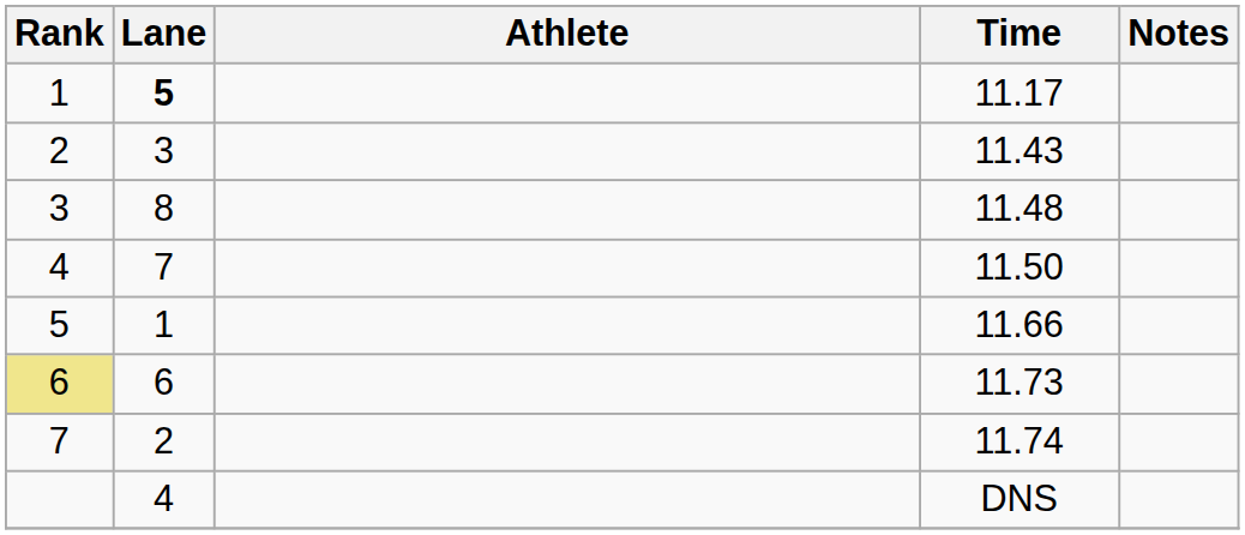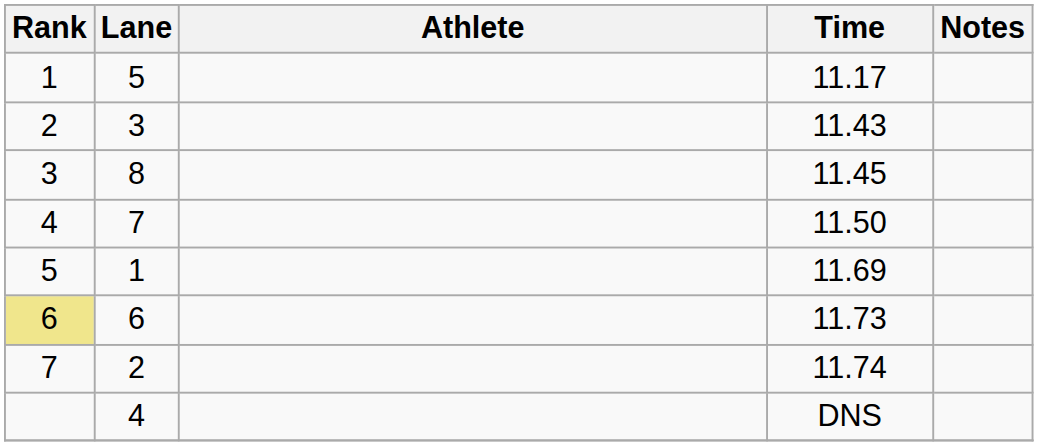 <table class="wikitable" style="text-align:center">
 <tr>
 <th>Rank</th>
 <th>Lane</th>
 <th width=300>Athlete</th>
 <th width=80>Time</th>
 <th>Notes</th>
 </tr>
 <tr>
 <td>1</td>
-<td><strong>5</strong></td>
+<td>5</td>
 <td align=left></td>
 <td>11.17</td>
 <td></td>
 </tr>
 <tr>
 <td>2</td>
 <td>3</td>
 <td align=left></td>
 <td>11.43</td>
 <td></td>
 </tr>
 <tr>
 <td>3</td>
 <td>8</td>
 <td align=left></td>
-<td>11.48</td>
+<td>11.45</td>
 <td></td>
 </tr>
 <tr>
 <td>4</td>
 <td>7</td>
 <td align=left></td>
 <td>11.50</td>
 <td></td>
 </tr>
 <tr>
 <td>5</td>
 <td>1</td>
 <td align=left></td>
-<td>11.66</td>
+<td>11.69</td>
 <td></td>
 </tr>
 <tr>
 <td style="background: khaki;">6</td>
 <td>6</td>
 <td align=left></td>
 <td>11.73</td>
 <td></td>
 </tr>
 <tr>
 <td>7</td>
 <td>2</td>
 <td align=left></td>
 <td>11.74</td>
 <td></td>
 </tr>
 <tr>
 <td></td>
 <td>4</td>
 <td align=left></td>
 <td>DNS</td>
 <td></td>
 </tr>
 <tr>
 </tr>
 </table>
